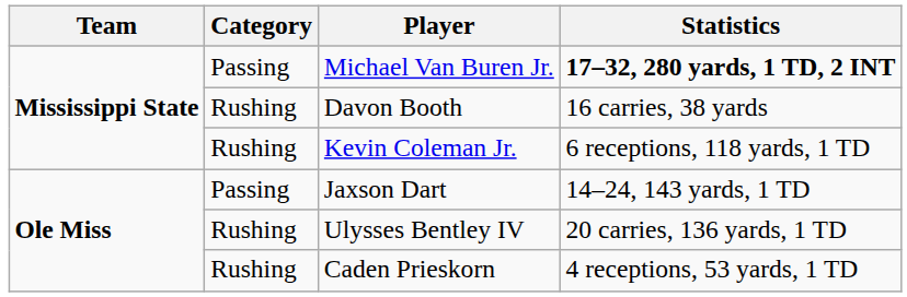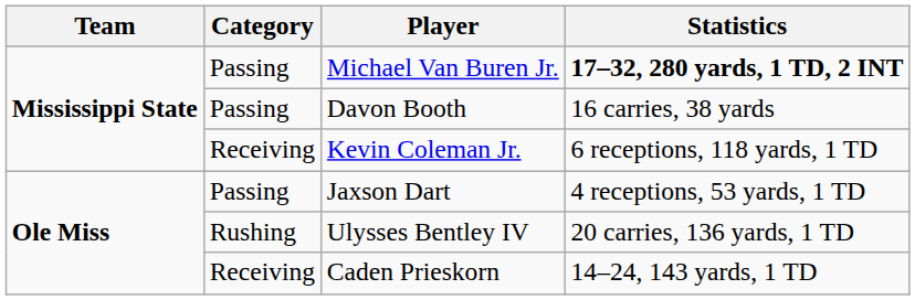 <table class="wikitable" style="float: right;">
 <tr>
 <th>Team</th>
 <th>Category</th>
 <th>Player</th>
 <th>Statistics</th>
 </tr>
 <tr>
 <td rowspan=3><strong>Mississippi State</strong></td>
 <td>Passing</td>
 <td><a href='#'>Michael Van Buren Jr.</a></td>
 <td><strong>17–32, 280 yards, 1 TD, 2 INT</strong></td>
 </tr>
 <tr>
-<td>Rushing</td>
+<td>Passing</td>
 <td>Davon Booth</td>
 <td>16 carries, 38 yards</td>
 </tr>
 <tr>
-<td>Rushing</td>
+<td>Receiving</td>
 <td><a href='#'>Kevin Coleman Jr.</a></td>
 <td>6 receptions, 118 yards, 1 TD</td>
 </tr>
 <tr>
 <td rowspan=3><strong>Ole Miss</strong></td>
 <td>Passing</td>
 <td>Jaxson Dart</td>
-<td>14–24, 143 yards, 1 TD</td>
+<td>4 receptions, 53 yards, 1 TD</td>
 </tr>
 <tr>
 <td>Rushing</td>
 <td>Ulysses Bentley IV</td>
 <td>20 carries, 136 yards, 1 TD</td>
 </tr>
 <tr>
-<td>Rushing</td>
+<td>Receiving</td>
 <td>Caden Prieskorn</td>
-<td>4 receptions, 53 yards, 1 TD</td>
+<td>14–24, 143 yards, 1 TD</td>
 </tr>
 </table>
